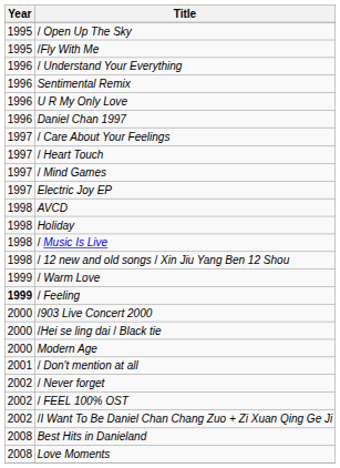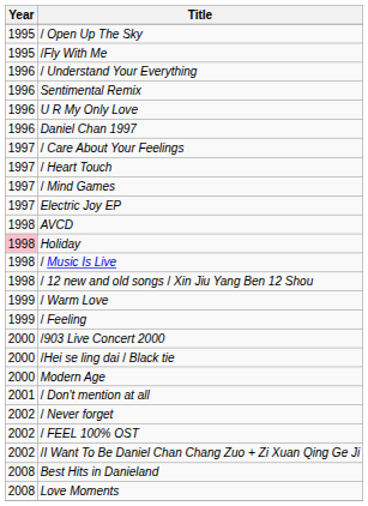 <table class="wikitable" style="font-size: 95%;">
 <tr>
 <th>Year</th>
 <th>Title</th>
 </tr>
 <tr>
 </tr>
 <tr>
 <td>1995</td>
 <td> / <em>Open Up The Sky</em></td>
 </tr>
 <tr>
 <td>1995</td>
 <td>/<em>Fly With Me</em></td>
 </tr>
 <tr>
 <td>1996</td>
 <td> / <em>Understand Your Everything</em></td>
 </tr>
 <tr>
 <td>1996</td>
 <td><em>Sentimental Remix</em></td>
 </tr>
 <tr>
 <td>1996</td>
 <td><em>U R My Only Love</em></td>
 </tr>
 <tr>
 <td>1996</td>
 <td><em>Daniel Chan 1997</em></td>
 </tr>
 <tr>
 <td>1997</td>
 <td> / <em>Care About Your Feelings</em></td>
 </tr>
 <tr>
 <td>1997</td>
 <td> / <em>Heart Touch</em></td>
 </tr>
 <tr>
 <td>1997</td>
 <td> / <em>Mind Games</em></td>
 </tr>
 <tr>
 <td>1997</td>
 <td><em>Electric Joy EP</em></td>
 </tr>
 <tr>
 <td>1998</td>
 <td><em>AVCD</em></td>
 </tr>
 <tr>
-<td>1998</td>
+<td style="background: pink;">1998</td>
 <td><em>Holiday</em></td>
 </tr>
 <tr>
 <td>1998</td>
 <td> / <em><a href='#'>Music Is Live</a></em></td>
 </tr>
 <tr>
 <td>1998</td>
 <td> / <em>12 new and old songs</em> / <em>Xin Jiu Yang Ben 12 Shou</em></td>
 </tr>
 <tr>
 <td>1999</td>
 <td> / <em>Warm Love</em></td>
 </tr>
 <tr>
-<td><strong>1999</strong></td>
+<td>1999</td>
 <td> / <em>Feeling</em></td>
 </tr>
 <tr>
 <td>2000</td>
 <td> /<em>903 Live Concert 2000</em></td>
 </tr>
 <tr>
 <td>2000</td>
 <td> /<em>Hei se ling dai</em> /<em> Black tie</em></td>
 </tr>
 <tr>
 <td>2000</td>
 <td><em> Modern Age</em></td>
 </tr>
 <tr>
 <td>2001</td>
 <td>  / <em>Don't mention at all</em></td>
 </tr>
 <tr>
 <td>2002</td>
 <td> / <em>Never forget</em></td>
 </tr>
 <tr>
 <td>2002</td>
 <td> / <em>FEEL 100% OST</em></td>
 </tr>
 <tr>
 <td>2002</td>
 <td> /<em>I Want To Be Daniel Chan Chang Zuo + Zi Xuan Qing Ge Ji</em></td>
 </tr>
 <tr>
 <td>2008</td>
 <td><em>Best Hits in Danieland</em></td>
 </tr>
 <tr>
 <td>2008</td>
 <td><em>Love Moments</em></td>
 </tr>
 <tr>
 </tr>
 </table>
